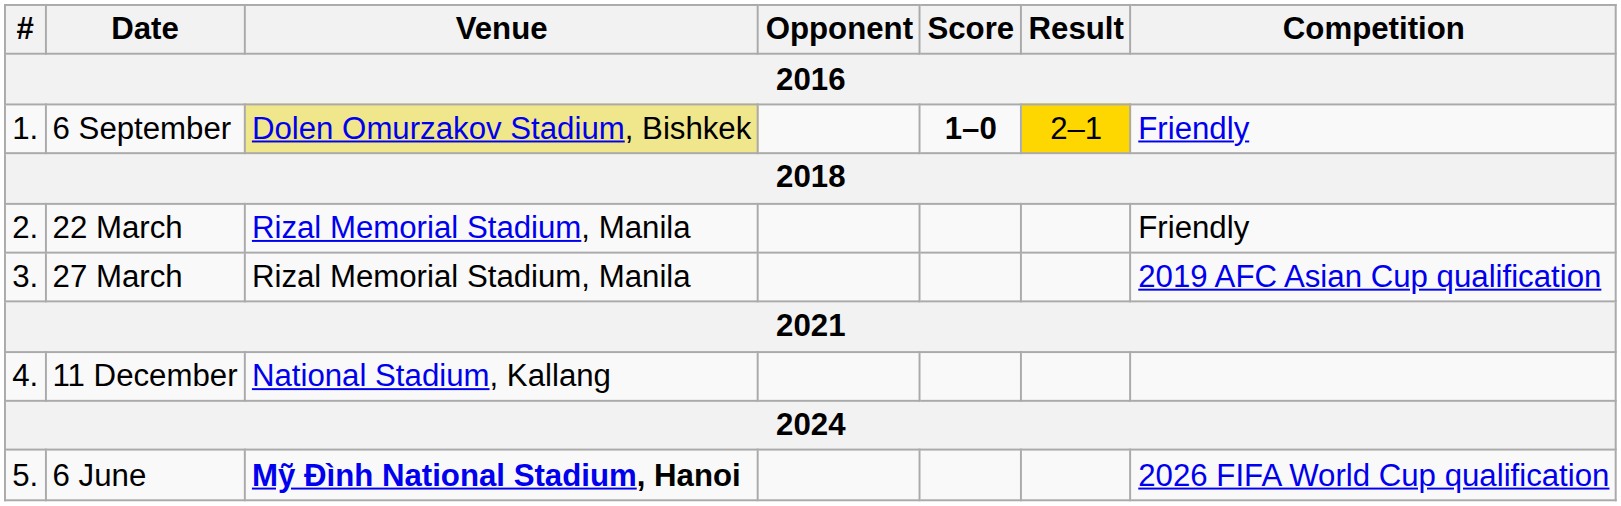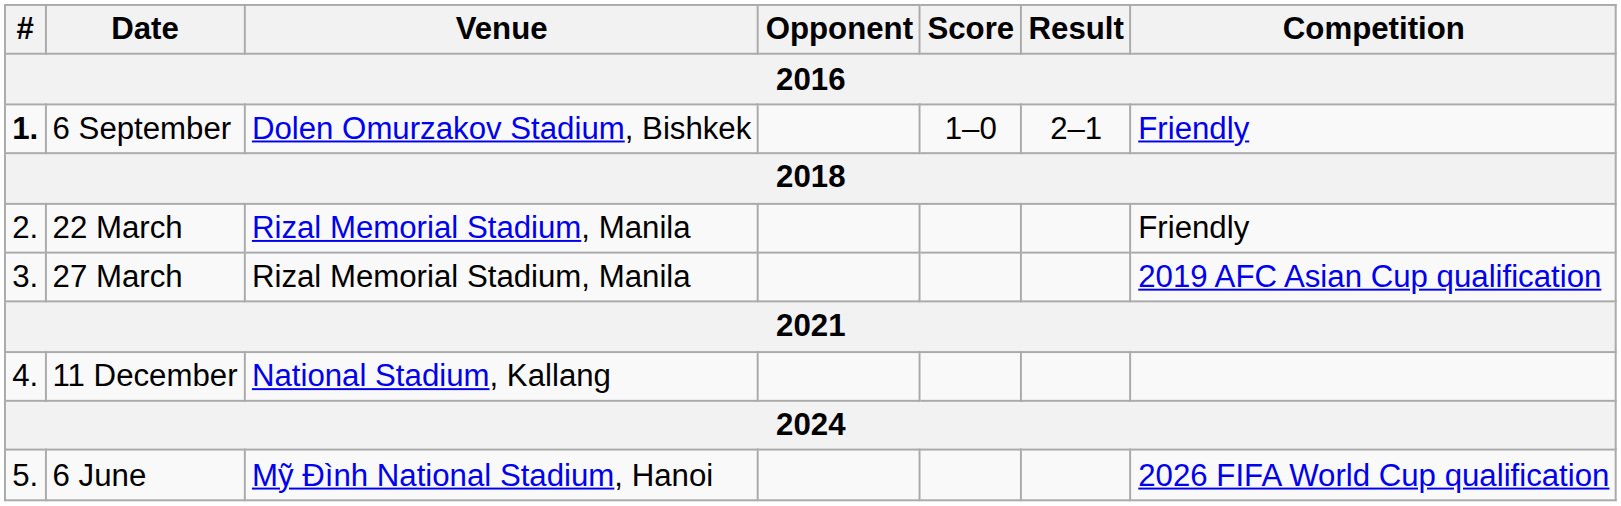 <table class="wikitable">
 <tr>
 <th>#</th>
 <th>Date</th>
 <th>Venue</th>
 <th>Opponent</th>
 <th>Score</th>
 <th>Result</th>
 <th>Competition</th>
 </tr>
 <tr>
 <th colspan=7>2016</th>
 </tr>
 <tr>
-<td>1.</td>
+<td><strong>1.</strong></td>
 <td>6 September</td>
-<td style="background: khaki;"><a href='#'>Dolen Omurzakov Stadium</a>, Bishkek</td>
+<td><a href='#'>Dolen Omurzakov Stadium</a>, Bishkek</td>
 <td></td>
-<td align=center><strong>1–0</strong></td>
-<td align=center style="background: gold;">2–1</td>
+<td align=center>1–0</td>
+<td align=center>2–1</td>
 <td><a href='#'>Friendly</a></td>
 </tr>
 <tr>
 <th colspan=7>2018</th>
 </tr>
 <tr>
 <td>2.</td>
 <td>22 March</td>
 <td><a href='#'>Rizal Memorial Stadium</a>, Manila</td>
 <td></td>
 <td></td>
 <td></td>
 <td>Friendly</td>
 </tr>
 <tr>
 <td>3.</td>
 <td>27 March</td>
 <td>Rizal Memorial Stadium, Manila</td>
 <td></td>
 <td></td>
 <td></td>
 <td><a href='#'>2019 AFC Asian Cup qualification</a></td>
 </tr>
 <tr>
 <th colspan=7>2021</th>
 </tr>
 <tr>
 <td>4.</td>
 <td>11 December</td>
 <td><a href='#'>National Stadium</a>, Kallang</td>
 <td></td>
 <td></td>
 <td></td>
 <td></td>
 </tr>
 <tr>
 <th colspan=7>2024</th>
 </tr>
 <tr>
 <td>5.</td>
 <td>6 June</td>
-<td><strong><a href='#'>Mỹ Đình National Stadium</a>, Hanoi</strong></td>
+<td><a href='#'>Mỹ Đình National Stadium</a>, Hanoi</td>
 <td></td>
 <td></td>
 <td></td>
 <td><a href='#'>2026 FIFA World Cup qualification</a></td>
 </tr>
 </table>
